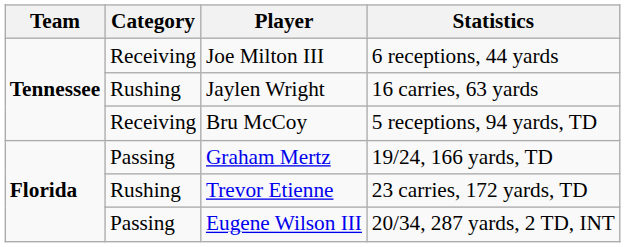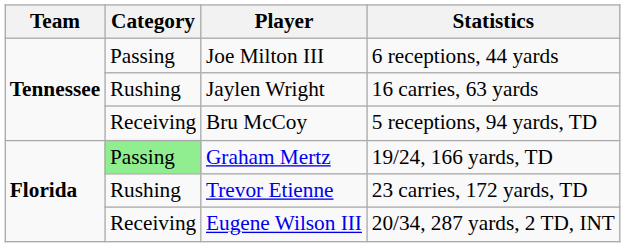 <table class="wikitable" style="float: right;">
 <tr>
 <th>Team</th>
 <th>Category</th>
 <th>Player</th>
 <th>Statistics</th>
 </tr>
 <tr>
 <td rowspan=3><strong>Tennessee</strong></td>
-<td>Receiving</td>
+<td>Passing</td>
 <td>Joe Milton III</td>
 <td>6 receptions, 44 yards</td>
 </tr>
 <tr>
 <td>Rushing</td>
 <td>Jaylen Wright</td>
 <td>16 carries, 63 yards</td>
 </tr>
 <tr>
 <td>Receiving</td>
 <td>Bru McCoy</td>
 <td>5 receptions, 94 yards, TD</td>
 </tr>
 <tr>
 <td rowspan=3><strong>Florida</strong></td>
-<td>Passing</td>
+<td style="background: lightgreen;">Passing</td>
 <td><a href='#'>Graham Mertz</a></td>
 <td>19/24, 166 yards, TD</td>
 </tr>
 <tr>
 <td>Rushing</td>
 <td><a href='#'>Trevor Etienne</a></td>
 <td>23 carries, 172 yards, TD</td>
 </tr>
 <tr>
-<td>Passing</td>
+<td>Receiving</td>
 <td><a href='#'>Eugene Wilson III</a></td>
 <td>20/34, 287 yards, 2 TD, INT</td>
 </tr>
 </table>
